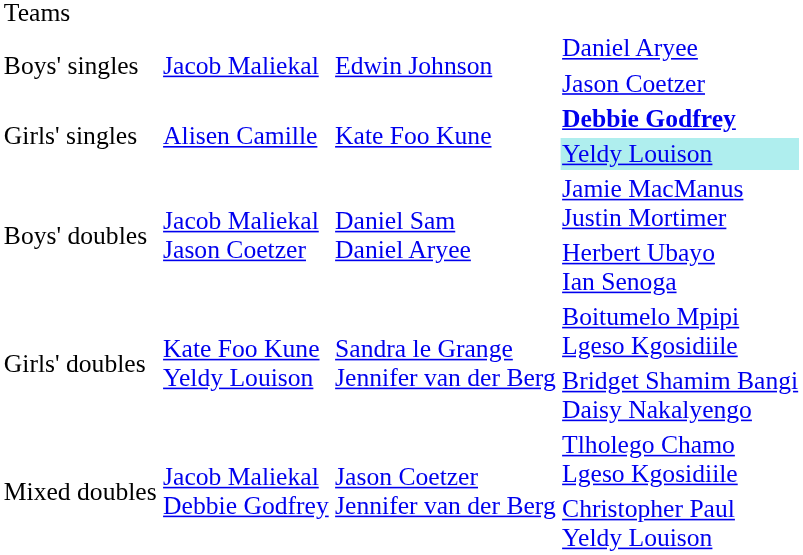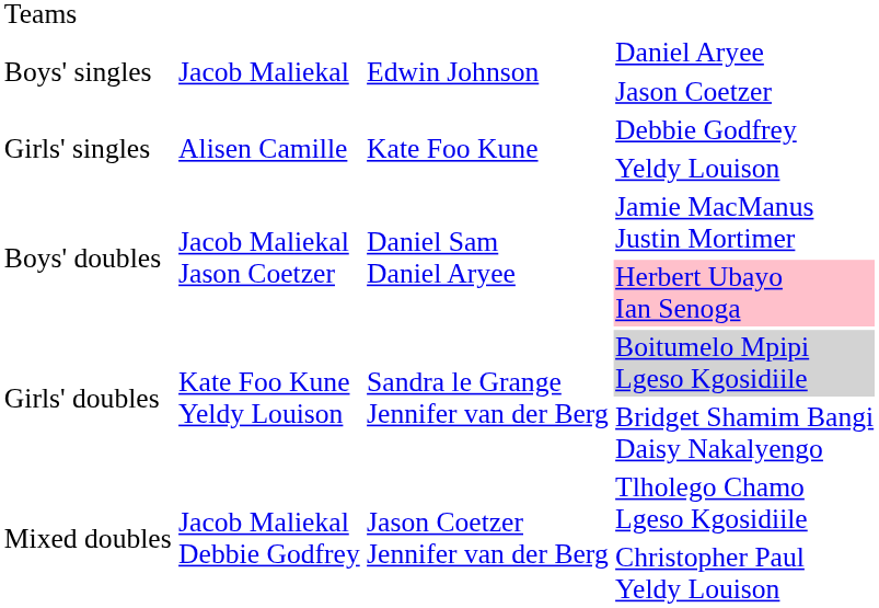 <table>
 <tr>
 <td rowspan=2>Teams</td>
 <td rowspan=2></td>
 <td rowspan=2></td>
 <td></td>
 </tr>
 <tr>
 <td></td>
 </tr>
 <tr>
 <td rowspan=2>Boys' singles</td>
 <td rowspan=2> <a href='#'>Jacob Maliekal</a></td>
 <td rowspan=2> <a href='#'>Edwin Johnson</a></td>
 <td> <a href='#'>Daniel Aryee</a></td>
 </tr>
 <tr>
 <td> <a href='#'>Jason Coetzer</a></td>
 </tr>
 <tr>
 <td rowspan=2>Girls' singles</td>
 <td rowspan=2> <a href='#'>Alisen Camille</a></td>
 <td rowspan=2> <a href='#'>Kate Foo Kune</a></td>
-<td><strong> <a href='#'>Debbie Godfrey</a></strong></td>
+<td> <a href='#'>Debbie Godfrey</a></td>
 </tr>
 <tr>
-<td style="background: paleturquoise;"> <a href='#'>Yeldy Louison</a></td>
+<td> <a href='#'>Yeldy Louison</a></td>
 </tr>
 <tr>
 <td rowspan=2>Boys' doubles</td>
 <td rowspan=2> <a href='#'>Jacob Maliekal</a><br> <a href='#'>Jason Coetzer</a></td>
 <td rowspan=2> <a href='#'>Daniel Sam</a><br> <a href='#'>Daniel Aryee</a></td>
 <td> <a href='#'>Jamie MacManus</a><br> <a href='#'>Justin Mortimer</a></td>
 </tr>
 <tr>
-<td> <a href='#'>Herbert Ubayo</a><br> <a href='#'>Ian Senoga</a></td>
+<td style="background: pink;"> <a href='#'>Herbert Ubayo</a><br> <a href='#'>Ian Senoga</a></td>
 </tr>
 <tr>
 <td rowspan=2>Girls' doubles</td>
 <td rowspan=2> <a href='#'>Kate Foo Kune</a><br> <a href='#'>Yeldy Louison</a></td>
 <td rowspan=2> <a href='#'>Sandra le Grange</a><br> <a href='#'>Jennifer van der Berg</a></td>
-<td> <a href='#'>Boitumelo Mpipi</a><br> <a href='#'>Lgeso Kgosidiile</a></td>
+<td style="background: lightgrey;"> <a href='#'>Boitumelo Mpipi</a><br> <a href='#'>Lgeso Kgosidiile</a></td>
 </tr>
 <tr>
 <td> <a href='#'>Bridget Shamim Bangi</a><br> <a href='#'>Daisy Nakalyengo</a></td>
 </tr>
 <tr>
 <td rowspan=2>Mixed doubles</td>
 <td rowspan=2> <a href='#'>Jacob Maliekal</a><br> <a href='#'>Debbie Godfrey</a></td>
 <td rowspan=2> <a href='#'>Jason Coetzer</a><br> <a href='#'>Jennifer van der Berg</a></td>
 <td> <a href='#'>Tlholego Chamo</a><br> <a href='#'>Lgeso Kgosidiile</a></td>
 </tr>
 <tr>
 <td> <a href='#'>Christopher Paul</a><br> <a href='#'>Yeldy Louison</a></td>
 </tr>
 </table>
